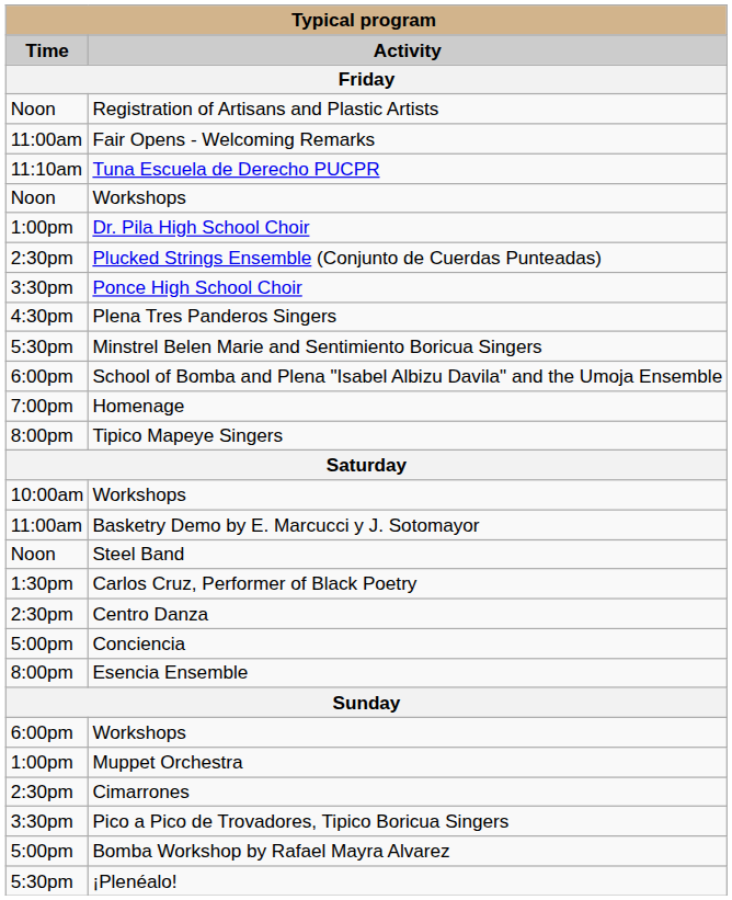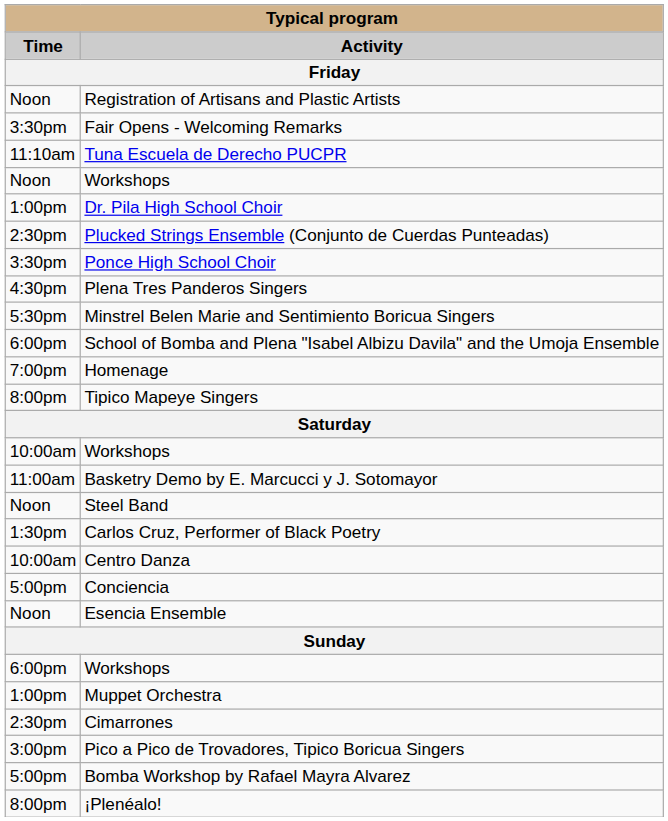 <table class="wikitable collapsible collapsed" style="float:left; margin:0 0 0.5em 1em; text-align:left; font-size:90%;">
 <tr>
 <th style="background:tan; text-align:center" colspan="2"><span>Typical program</span> </th>
 </tr>
 <tr style="background:#ccc; text-align:center;">
 <td><strong>Time</strong></td>
 <td><strong>Activity</strong></td>
 </tr>
 <tr>
 <th colspan=2>Friday</th>
 </tr>
 <tr>
 <td align=left>Noon</td>
 <td>Registration of Artisans and Plastic Artists</td>
 </tr>
 <tr>
-<td align=left>11:00am</td>
+<td align=left>3:30pm</td>
 <td>Fair Opens - Welcoming Remarks</td>
 </tr>
 <tr>
 <td align=left>11:10am</td>
 <td><a href='#'>Tuna Escuela de Derecho PUCPR</a></td>
 </tr>
 <tr>
 <td align=left>Noon</td>
 <td>Workshops</td>
 </tr>
 <tr>
 <td align=left>1:00pm</td>
 <td><a href='#'>Dr. Pila High School Choir</a></td>
 </tr>
 <tr>
 <td align=left>2:30pm</td>
 <td><a href='#'>Plucked Strings Ensemble</a> (Conjunto de Cuerdas Punteadas)</td>
 </tr>
 <tr>
 <td align=left>3:30pm</td>
 <td><a href='#'>Ponce High School Choir</a></td>
 </tr>
 <tr>
 <td align=left>4:30pm</td>
 <td>Plena Tres Panderos Singers</td>
 </tr>
 <tr>
 <td align=left>5:30pm</td>
 <td>Minstrel Belen Marie and Sentimiento Boricua Singers</td>
 </tr>
 <tr>
 <td align=left>6:00pm</td>
 <td>School of Bomba and Plena "Isabel Albizu Davila" and the Umoja Ensemble</td>
 </tr>
 <tr>
 <td align=left>7:00pm</td>
 <td>Homenage</td>
 </tr>
 <tr>
 <td align=left>8:00pm</td>
 <td>Tipico Mapeye Singers</td>
 </tr>
 <tr>
 <th colspan=2>Saturday</th>
 </tr>
 <tr>
 <td align=left>10:00am</td>
 <td>Workshops</td>
 </tr>
 <tr>
 <td align=left>11:00am</td>
 <td>Basketry Demo by E. Marcucci y J. Sotomayor</td>
 </tr>
 <tr>
 <td align=left>Noon</td>
 <td>Steel Band</td>
 </tr>
 <tr>
 <td align=left>1:30pm</td>
 <td>Carlos Cruz, Performer of Black Poetry</td>
 </tr>
 <tr>
-<td align=left>2:30pm</td>
+<td align=left>10:00am</td>
 <td>Centro Danza</td>
 </tr>
 <tr>
 <td align=left>5:00pm</td>
 <td>Conciencia</td>
 </tr>
 <tr>
-<td align=left>8:00pm</td>
+<td align=left>Noon</td>
 <td>Esencia Ensemble</td>
 </tr>
 <tr>
 <th colspan=2>Sunday</th>
 </tr>
 <tr>
 <td align=left>6:00pm</td>
 <td>Workshops</td>
 </tr>
 <tr>
 <td align=left>1:00pm</td>
 <td>Muppet Orchestra</td>
 </tr>
 <tr>
 <td align=left>2:30pm</td>
 <td>Cimarrones</td>
 </tr>
 <tr>
-<td align=left>3:30pm</td>
+<td align=left>3:00pm</td>
 <td>Pico a Pico de Trovadores, Tipico Boricua Singers</td>
 </tr>
 <tr>
 <td align=left>5:00pm</td>
 <td>Bomba Workshop by Rafael Mayra Alvarez</td>
 </tr>
 <tr>
-<td align=left>5:30pm</td>
+<td align=left>8:00pm</td>
 <td>¡Plenéalo!</td>
 </tr>
 <tr>
 </tr>
 </table>
